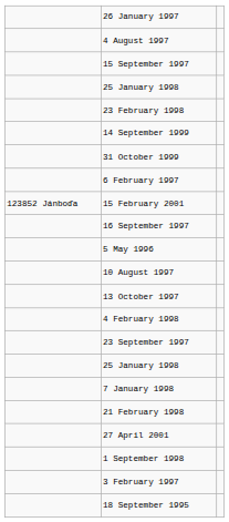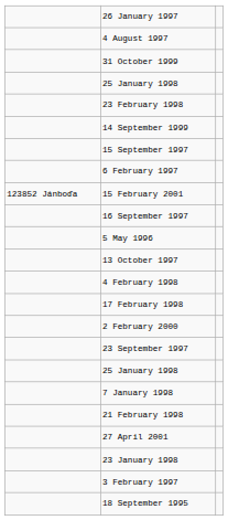 <table class="wikitable" style="font-size: 89%; float: left; width: 26em; margin-right: 1em; height: 700px;">
 <tr>
 <td></td>
 <td>26 January 1997</td>
 <td> </td>
 </tr>
 <tr>
 <td></td>
 <td>4 August 1997</td>
 <td> </td>
 </tr>
 <tr>
 <td></td>
-<td>15 September 1997</td>
+<td>31 October 1999</td>
 <td> </td>
 </tr>
 <tr>
 <td></td>
 <td>25 January 1998</td>
 <td></td>
 </tr>
 <tr>
 <td></td>
 <td>23 February 1998</td>
 <td> </td>
 </tr>
 <tr>
 <td></td>
 <td>14 September 1999</td>
 <td> </td>
 </tr>
 <tr>
 <td></td>
-<td>31 October 1999</td>
+<td>15 September 1997</td>
 <td> </td>
 </tr>
 <tr>
 <td></td>
 <td>6 February 1997</td>
 <td> </td>
 </tr>
 <tr>
 <td>123852 Jánboďa</td>
 <td>15 February 2001</td>
 <td> </td>
 </tr>
 <tr>
 <td></td>
 <td>16 September 1997</td>
 <td> </td>
 </tr>
 <tr>
 <td></td>
 <td>5 May 1996</td>
 <td> </td>
 </tr>
 <tr>
 <td></td>
-<td>10 August 1997</td>
-<td> </td>
-</tr>
-<tr>
-<td></td>
 <td>13 October 1997</td>
 <td> </td>
 </tr>
 <tr>
 <td></td>
 <td>4 February 1998</td>
+<td> </td>
+</tr>
+<tr>
+<td></td>
+<td>17 February 1998</td>
+<td> </td>
+</tr>
+<tr>
+<td></td>
+<td>2 February 2000</td>
 <td> </td>
 </tr>
 <tr>
 <td></td>
 <td>23 September 1997</td>
 <td> </td>
 </tr>
 <tr>
 <td></td>
 <td>25 January 1998</td>
 <td></td>
 </tr>
 <tr>
 <td></td>
 <td>7 January 1998</td>
 <td> </td>
 </tr>
 <tr>
 <td></td>
 <td>21 February 1998</td>
 <td> </td>
 </tr>
 <tr>
 <td></td>
 <td>27 April 2001</td>
 <td> </td>
 </tr>
 <tr>
 <td></td>
-<td>1 September 1998</td>
-<td> </td>
+<td>23 January 1998</td>
+<td></td>
 </tr>
 <tr>
 <td></td>
 <td>3 February 1997</td>
 <td> </td>
 </tr>
 <tr>
 <td></td>
 <td>18 September 1995</td>
 <td></td>
 </tr>
 </table>
